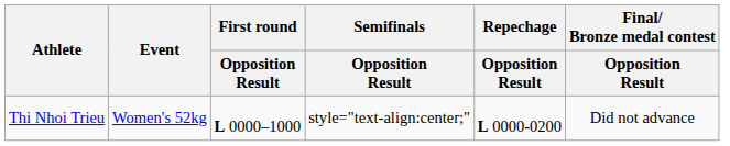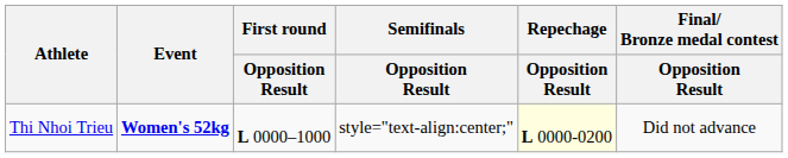 <table class= wikitable style="font-size:90%">
 <tr>
 <th rowspan="2">Athlete</th>
 <th rowspan="2">Event</th>
 <th>First round</th>
 <th>Semifinals</th>
 <th>Repechage</th>
 <th>Final/<br>Bronze medal contest</th>
 </tr>
 <tr>
 <th>Opposition<br>Result</th>
 <th>Opposition<br>Result</th>
 <th>Opposition<br>Result</th>
 <th>Opposition<br>Result</th>
 </tr>
 <tr>
 <td><a href='#'>Thi Nhoi Trieu</a></td>
-<td style="text-align:center;"><a href='#'>Women's 52kg</a></td>
+<td style="text-align:center;"><strong><a href='#'>Women's 52kg</a></strong></td>
 <td style="text-align:center;"><br> <strong>L</strong> 0000–1000</td>
 <td>style="text-align:center;" </td>
-<td style="text-align:center;"><br><strong>L</strong> 0000-0200</td>
+<td style="background: lightyellow; text-align:center;"><br><strong>L</strong> 0000-0200</td>
 <td style="text-align:center;">Did not advance</td>
 </tr>
 </table>
